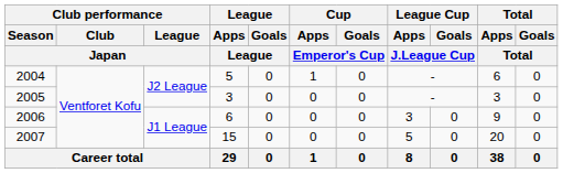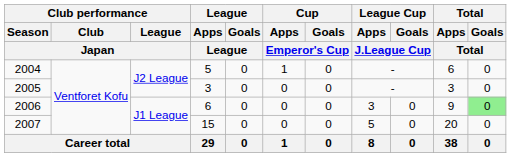 <table class="wikitable" style="text-align:center">
 <tr>
 <th colspan=3>Club performance</th>
 <th colspan=2>League</th>
 <th colspan=2>Cup</th>
 <th colspan=2>League Cup</th>
 <th colspan=2>Total</th>
 </tr>
 <tr>
 <th>Season</th>
 <th>Club</th>
 <th>League</th>
 <th>Apps</th>
 <th>Goals</th>
 <th>Apps</th>
 <th>Goals</th>
 <th>Apps</th>
 <th>Goals</th>
 <th>Apps</th>
 <th>Goals</th>
 </tr>
 <tr>
 <th colspan=3>Japan</th>
 <th colspan=2>League</th>
 <th colspan=2><a href='#'>Emperor's Cup</a></th>
 <th colspan=2><a href='#'>J.League Cup</a></th>
 <th colspan=2>Total</th>
 </tr>
 <tr>
 <td>2004</td>
 <td rowspan="4"><a href='#'>Ventforet Kofu</a></td>
 <td rowspan="2"><a href='#'>J2 League</a></td>
 <td>5</td>
 <td>0</td>
 <td>1</td>
 <td>0</td>
 <td colspan="2">-</td>
 <td>6</td>
 <td>0</td>
 </tr>
 <tr>
 <td>2005</td>
 <td>3</td>
 <td>0</td>
 <td>0</td>
 <td>0</td>
 <td colspan="2">-</td>
 <td>3</td>
 <td>0</td>
 </tr>
 <tr>
 <td>2006</td>
 <td rowspan="2"><a href='#'>J1 League</a></td>
 <td>6</td>
 <td>0</td>
 <td>0</td>
 <td>0</td>
 <td>3</td>
 <td>0</td>
 <td>9</td>
-<td>0</td>
+<td style="background: lightgreen;">0</td>
 </tr>
 <tr>
 <td>2007</td>
 <td>15</td>
 <td>0</td>
 <td>0</td>
 <td>0</td>
 <td>5</td>
 <td>0</td>
 <td>20</td>
 <td>0</td>
 </tr>
 <tr>
 <th colspan=3>Career total</th>
 <th>29</th>
 <th>0</th>
 <th>1</th>
 <th>0</th>
 <th>8</th>
 <th>0</th>
 <th>38</th>
 <th>0</th>
 </tr>
 </table>
